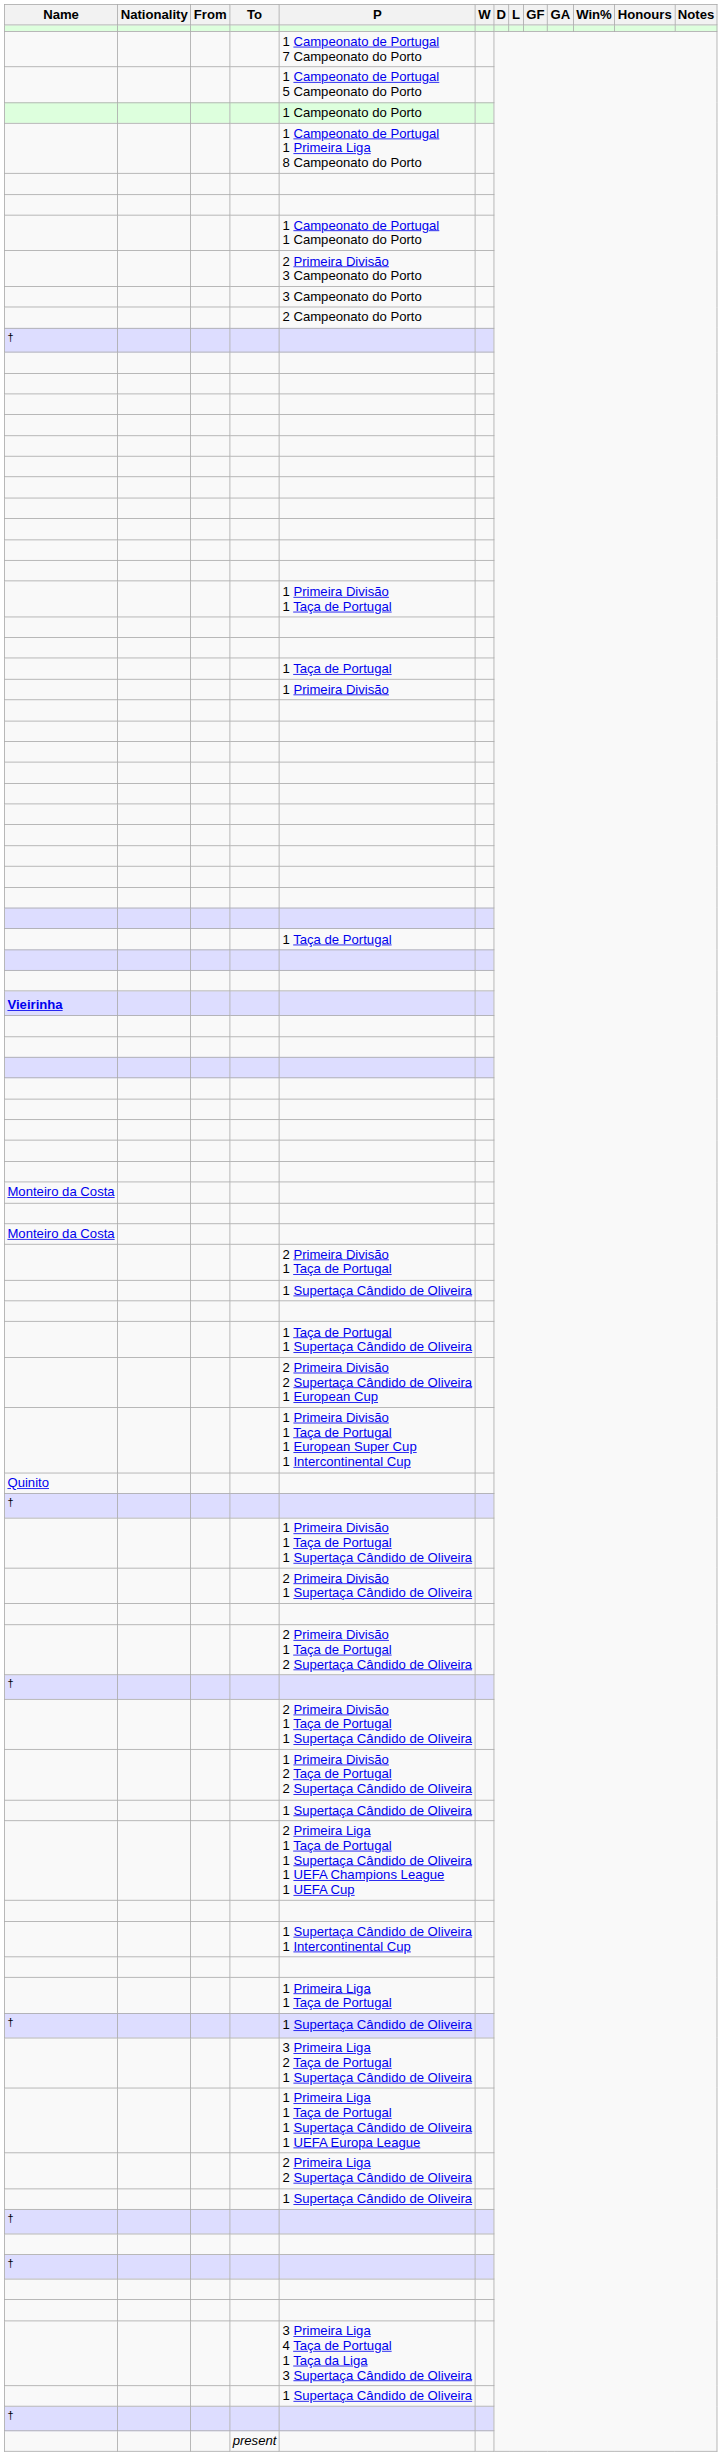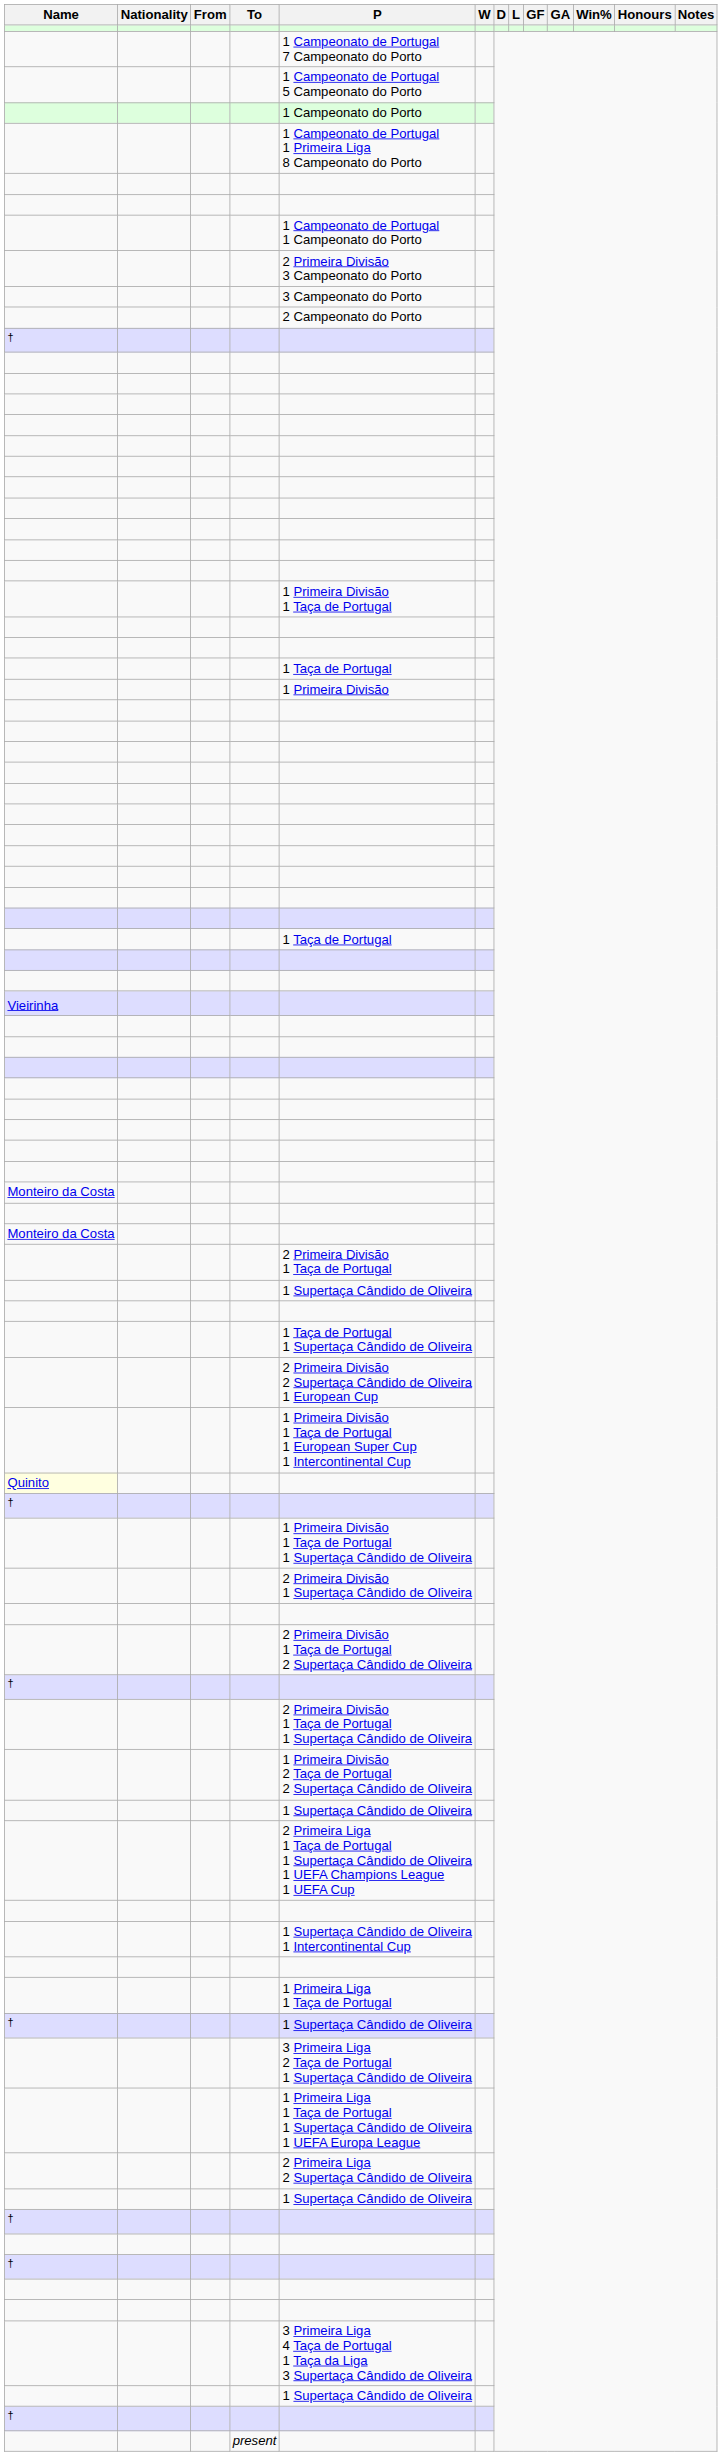 <table class="wikitable sortable plainrowheaders">
 <tr>
 <th scope="col">Name</th>
 <th scope="col">Nationality</th>
 <th scope="col">From</th>
 <th scope="col">To</th>
 <th scope="col">P</th>
 <th scope="col">W</th>
 <th scope="col">D</th>
 <th scope="col">L</th>
 <th scope="col">GF</th>
 <th scope="col">GA</th>
 <th scope="col">Win%</th>
 <th scope="col">Honours</th>
 <th scope="col" class="unsortable">Notes</th>
 </tr>
 <tr bgcolor="#ddffdd">
 <td><sup></sup></td>
 <td></td>
 <td></td>
 <td></td>
 <td align="center"></td>
 <td align="center"></td>
 <td align="center"></td>
 <td align="center"></td>
 <td align="center"></td>
 <td align="center"></td>
 <td align="center"></td>
 <td></td>
 <td></td>
 </tr>
 <tr>
 <td></td>
 <td></td>
 <td></td>
 <td><br></td>
 <td><span></span>1 <a href='#'>Campeonato de Portugal</a><br>7 Campeonato do Porto</td>
 <td></td>
 </tr>
 <tr>
 <td></td>
 <td></td>
 <td></td>
 <td><br></td>
 <td><span></span>1 <a href='#'>Campeonato de Portugal</a><br>5 Campeonato do Porto</td>
 <td></td>
 </tr>
 <tr bgcolor="#ddffdd">
 <td><sup></sup></td>
 <td></td>
 <td></td>
 <td><br></td>
 <td><span></span>1 Campeonato do Porto</td>
 <td></td>
 </tr>
 <tr>
 <td></td>
 <td></td>
 <td></td>
 <td><br></td>
 <td><span></span>1 <a href='#'>Campeonato de Portugal</a><br>1 <a href='#'>Primeira Liga</a><br>8 Campeonato do Porto</td>
 <td></td>
 </tr>
 <tr>
 <td></td>
 <td></td>
 <td></td>
 <td><br></td>
 <td></td>
 <td></td>
 </tr>
 <tr>
 <td></td>
 <td></td>
 <td></td>
 <td><br></td>
 <td></td>
 <td></td>
 </tr>
 <tr>
 <td></td>
 <td></td>
 <td></td>
 <td><br></td>
 <td><span></span>1 <a href='#'>Campeonato de Portugal</a><br>1 Campeonato do Porto</td>
 <td></td>
 </tr>
 <tr>
 <td></td>
 <td></td>
 <td></td>
 <td><br></td>
 <td><span></span>2 <a href='#'>Primeira Divisão</a><br>3 Campeonato do Porto</td>
 <td></td>
 </tr>
 <tr>
 <td></td>
 <td></td>
 <td></td>
 <td><br></td>
 <td><span></span>3 Campeonato do Porto</td>
 <td></td>
 </tr>
 <tr>
 <td></td>
 <td></td>
 <td></td>
 <td><br></td>
 <td><span></span>2 Campeonato do Porto</td>
 <td></td>
 </tr>
 <tr bgcolor="#ddddff">
 <td><sup>†</sup></td>
 <td></td>
 <td></td>
 <td><br></td>
 <td></td>
 <td></td>
 </tr>
 <tr>
 <td></td>
 <td></td>
 <td></td>
 <td><br></td>
 <td></td>
 <td></td>
 </tr>
 <tr>
 <td></td>
 <td></td>
 <td></td>
 <td><br></td>
 <td></td>
 <td></td>
 </tr>
 <tr>
 <td></td>
 <td></td>
 <td></td>
 <td><br></td>
 <td></td>
 <td></td>
 </tr>
 <tr>
 <td></td>
 <td></td>
 <td></td>
 <td><br></td>
 <td></td>
 <td></td>
 </tr>
 <tr>
 <td></td>
 <td></td>
 <td></td>
 <td><br></td>
 <td></td>
 <td></td>
 </tr>
 <tr>
 <td></td>
 <td></td>
 <td></td>
 <td><br></td>
 <td></td>
 <td></td>
 </tr>
 <tr>
 <td></td>
 <td></td>
 <td></td>
 <td><br></td>
 <td></td>
 <td></td>
 </tr>
 <tr>
 <td></td>
 <td></td>
 <td></td>
 <td><br></td>
 <td></td>
 <td></td>
 </tr>
 <tr>
 <td></td>
 <td></td>
 <td></td>
 <td><br></td>
 <td></td>
 <td></td>
 </tr>
 <tr>
 <td></td>
 <td></td>
 <td></td>
 <td><br></td>
 <td></td>
 <td></td>
 </tr>
 <tr>
 <td></td>
 <td></td>
 <td></td>
 <td><br></td>
 <td></td>
 <td></td>
 </tr>
 <tr>
 <td></td>
 <td></td>
 <td></td>
 <td><br></td>
 <td><span></span>1 <a href='#'>Primeira Divisão</a><br>1 <a href='#'>Taça de Portugal</a></td>
 <td></td>
 </tr>
 <tr>
 <td></td>
 <td></td>
 <td></td>
 <td><br></td>
 <td></td>
 <td></td>
 </tr>
 <tr>
 <td></td>
 <td></td>
 <td></td>
 <td><br></td>
 <td></td>
 <td></td>
 </tr>
 <tr>
 <td></td>
 <td></td>
 <td></td>
 <td><br></td>
 <td><span></span>1 <a href='#'>Taça de Portugal</a></td>
 <td></td>
 </tr>
 <tr>
 <td></td>
 <td></td>
 <td></td>
 <td><br></td>
 <td><span></span>1 <a href='#'>Primeira Divisão</a></td>
 <td></td>
 </tr>
 <tr>
 <td></td>
 <td></td>
 <td></td>
 <td><br></td>
 <td></td>
 <td></td>
 </tr>
 <tr>
 <td></td>
 <td></td>
 <td></td>
 <td><br></td>
 <td></td>
 <td></td>
 </tr>
 <tr>
 <td></td>
 <td></td>
 <td></td>
 <td><br></td>
 <td></td>
 <td></td>
 </tr>
 <tr>
 <td></td>
 <td></td>
 <td></td>
 <td><br></td>
 <td></td>
 <td></td>
 </tr>
 <tr>
 <td></td>
 <td></td>
 <td></td>
 <td><br></td>
 <td></td>
 <td></td>
 </tr>
 <tr>
 <td></td>
 <td></td>
 <td></td>
 <td><br></td>
 <td></td>
 <td></td>
 </tr>
 <tr>
 <td></td>
 <td></td>
 <td></td>
 <td><br></td>
 <td></td>
 <td></td>
 </tr>
 <tr>
 <td></td>
 <td></td>
 <td></td>
 <td><br></td>
 <td></td>
 <td></td>
 </tr>
 <tr>
 <td></td>
 <td></td>
 <td></td>
 <td><br></td>
 <td></td>
 <td></td>
 </tr>
 <tr>
 <td></td>
 <td></td>
 <td></td>
 <td><br></td>
 <td></td>
 <td></td>
 </tr>
 <tr bgcolor="#ddddff">
 <td><sup></sup></td>
 <td></td>
 <td></td>
 <td><br></td>
 <td></td>
 <td></td>
 </tr>
 <tr>
 <td></td>
 <td></td>
 <td></td>
 <td><br></td>
 <td><span></span>1 <a href='#'>Taça de Portugal</a></td>
 <td></td>
 </tr>
 <tr bgcolor="#ddddff">
 <td><sup></sup></td>
 <td></td>
 <td></td>
 <td><br></td>
 <td></td>
 <td></td>
 </tr>
 <tr>
 <td></td>
 <td></td>
 <td></td>
 <td><br></td>
 <td></td>
 <td></td>
 </tr>
 <tr bgcolor="#ddddff">
-<td><strong><a href='#'>Vieirinha</a><sup></sup></strong></td>
+<td><a href='#'>Vieirinha</a><sup></sup></td>
 <td></td>
 <td></td>
 <td><br></td>
 <td></td>
 <td></td>
 </tr>
 <tr>
 <td></td>
 <td></td>
 <td></td>
 <td><br></td>
 <td></td>
 <td></td>
 </tr>
 <tr>
 <td></td>
 <td></td>
 <td></td>
 <td><br></td>
 <td></td>
 <td></td>
 </tr>
 <tr bgcolor="#ddddff">
 <td><sup></sup></td>
 <td></td>
 <td></td>
 <td><br></td>
 <td></td>
 <td></td>
 </tr>
 <tr>
 <td></td>
 <td></td>
 <td></td>
 <td><br></td>
 <td></td>
 <td></td>
 </tr>
 <tr>
 <td></td>
 <td></td>
 <td></td>
 <td><br></td>
 <td></td>
 <td></td>
 </tr>
 <tr>
 <td></td>
 <td></td>
 <td></td>
 <td><br></td>
 <td></td>
 <td></td>
 </tr>
 <tr>
 <td></td>
 <td></td>
 <td></td>
 <td><br></td>
 <td></td>
 <td></td>
 </tr>
 <tr>
 <td></td>
 <td></td>
 <td></td>
 <td><br></td>
 <td></td>
 <td></td>
 </tr>
 <tr>
 <td><a href='#'>Monteiro da Costa</a></td>
 <td></td>
 <td></td>
 <td><br></td>
 <td></td>
 <td></td>
 </tr>
 <tr>
 <td></td>
 <td></td>
 <td></td>
 <td><br></td>
 <td></td>
 <td></td>
 </tr>
 <tr>
 <td><a href='#'>Monteiro da Costa</a></td>
 <td></td>
 <td></td>
 <td><br></td>
 <td></td>
 <td></td>
 </tr>
 <tr>
 <td></td>
 <td></td>
 <td></td>
 <td><br></td>
 <td><span></span>2 <a href='#'>Primeira Divisão</a><br>1 <a href='#'>Taça de Portugal</a></td>
 <td></td>
 </tr>
 <tr>
 <td></td>
 <td></td>
 <td></td>
 <td><br></td>
 <td><span></span>1 <a href='#'>Supertaça Cândido de Oliveira</a></td>
 <td></td>
 </tr>
 <tr>
 <td></td>
 <td></td>
 <td></td>
 <td><br></td>
 <td></td>
 <td></td>
 </tr>
 <tr>
 <td></td>
 <td></td>
 <td></td>
 <td><br></td>
 <td><span></span>1 <a href='#'>Taça de Portugal</a><br>1 <a href='#'>Supertaça Cândido de Oliveira</a></td>
 <td></td>
 </tr>
 <tr>
 <td></td>
 <td></td>
 <td></td>
 <td><br></td>
 <td><span></span>2 <a href='#'>Primeira Divisão</a><br>2 <a href='#'>Supertaça Cândido de Oliveira</a><br>1 <a href='#'>European Cup</a></td>
 <td></td>
 </tr>
 <tr>
 <td></td>
 <td></td>
 <td></td>
 <td><br></td>
 <td><span></span>1 <a href='#'>Primeira Divisão</a><br>1 <a href='#'>Taça de Portugal</a><br>1 <a href='#'>European Super Cup</a><br>1 <a href='#'>Intercontinental Cup</a></td>
 <td></td>
 </tr>
 <tr>
-<td><a href='#'>Quinito</a></td>
+<td style="background: lightyellow;"><a href='#'>Quinito</a></td>
 <td></td>
 <td></td>
 <td><br></td>
 <td></td>
 <td></td>
 </tr>
 <tr bgcolor="#ddddff">
 <td><sup>†</sup></td>
 <td></td>
 <td></td>
 <td><br></td>
 <td></td>
 <td></td>
 </tr>
 <tr>
 <td></td>
 <td></td>
 <td></td>
 <td><br></td>
 <td><span></span>1 <a href='#'>Primeira Divisão</a><br>1 <a href='#'>Taça de Portugal</a><br>1 <a href='#'>Supertaça Cândido de Oliveira</a></td>
 <td></td>
 </tr>
 <tr>
 <td></td>
 <td></td>
 <td></td>
 <td><br></td>
 <td><span></span>2 <a href='#'>Primeira Divisão</a><br>1 <a href='#'>Supertaça Cândido de Oliveira</a></td>
 <td></td>
 </tr>
 <tr>
 <td></td>
 <td></td>
 <td></td>
 <td><br></td>
 <td></td>
 <td></td>
 </tr>
 <tr>
 <td></td>
 <td></td>
 <td></td>
 <td><br></td>
 <td><span></span>2 <a href='#'>Primeira Divisão</a><br>1 <a href='#'>Taça de Portugal</a><br>2 <a href='#'>Supertaça Cândido de Oliveira</a></td>
 <td></td>
 </tr>
 <tr bgcolor="#ddddff">
 <td><sup>†</sup></td>
 <td></td>
 <td></td>
 <td><br></td>
 <td></td>
 <td></td>
 </tr>
 <tr>
 <td></td>
 <td></td>
 <td></td>
 <td><br></td>
 <td><span></span>2 <a href='#'>Primeira Divisão</a><br>1 <a href='#'>Taça de Portugal</a><br>1 <a href='#'>Supertaça Cândido de Oliveira</a></td>
 <td></td>
 </tr>
 <tr>
 <td></td>
 <td></td>
 <td></td>
 <td><br></td>
 <td><span></span>1 <a href='#'>Primeira Divisão</a><br>2 <a href='#'>Taça de Portugal</a><br>2 <a href='#'>Supertaça Cândido de Oliveira</a></td>
 <td></td>
 </tr>
 <tr>
 <td></td>
 <td></td>
 <td></td>
 <td><br></td>
 <td>1 <a href='#'>Supertaça Cândido de Oliveira</a></td>
 <td></td>
 </tr>
 <tr>
 <td></td>
 <td></td>
 <td></td>
 <td><br></td>
 <td><span></span>2 <a href='#'>Primeira Liga</a><br>1 <a href='#'>Taça de Portugal</a><br>1 <a href='#'>Supertaça Cândido de Oliveira</a><br>1 <a href='#'>UEFA Champions League</a><br>1 <a href='#'>UEFA Cup</a></td>
 <td></td>
 </tr>
 <tr>
 <td></td>
 <td></td>
 <td></td>
 <td><br></td>
 <td></td>
 <td></td>
 </tr>
 <tr>
 <td></td>
 <td></td>
 <td></td>
 <td><br></td>
 <td><span></span>1 <a href='#'>Supertaça Cândido de Oliveira</a><br>1 <a href='#'>Intercontinental Cup</a></td>
 <td></td>
 </tr>
 <tr>
 <td></td>
 <td></td>
 <td></td>
 <td><br></td>
 <td></td>
 <td></td>
 </tr>
 <tr>
 <td></td>
 <td></td>
 <td></td>
 <td><br></td>
 <td><span></span>1 <a href='#'>Primeira Liga</a><br>1 <a href='#'>Taça de Portugal</a></td>
 <td></td>
 </tr>
 <tr bgcolor="#ddddff">
 <td><sup>†</sup></td>
 <td></td>
 <td></td>
 <td><br></td>
 <td><span></span>1 <a href='#'>Supertaça Cândido de Oliveira</a></td>
 <td></td>
 </tr>
 <tr>
 <td></td>
 <td></td>
 <td></td>
 <td><br></td>
 <td><span></span>3 <a href='#'>Primeira Liga</a><br>2 <a href='#'>Taça de Portugal</a><br>1 <a href='#'>Supertaça Cândido de Oliveira</a></td>
 <td></td>
 </tr>
 <tr>
 <td></td>
 <td></td>
 <td></td>
 <td><br></td>
 <td><span></span>1 <a href='#'>Primeira Liga</a><br>1 <a href='#'>Taça de Portugal</a><br>1 <a href='#'>Supertaça Cândido de Oliveira</a><br>1 <a href='#'>UEFA Europa League</a></td>
 <td></td>
 </tr>
 <tr>
 <td></td>
 <td></td>
 <td></td>
 <td><br></td>
 <td><span></span>2 <a href='#'>Primeira Liga</a><br>2 <a href='#'>Supertaça Cândido de Oliveira</a></td>
 <td></td>
 </tr>
 <tr>
 <td></td>
 <td></td>
 <td></td>
 <td><br></td>
 <td><span></span>1 <a href='#'>Supertaça Cândido de Oliveira</a></td>
 <td></td>
 </tr>
 <tr bgcolor="#ddddff">
 <td><sup>†</sup></td>
 <td></td>
 <td></td>
 <td><br></td>
 <td></td>
 <td></td>
 </tr>
 <tr>
 <td></td>
 <td></td>
 <td></td>
 <td><br></td>
 <td></td>
 <td></td>
 </tr>
 <tr bgcolor="#ddddff">
 <td><sup>†</sup></td>
 <td></td>
 <td></td>
 <td><br></td>
 <td></td>
 <td></td>
 </tr>
 <tr>
 <td></td>
 <td></td>
 <td></td>
 <td><br></td>
 <td></td>
 <td></td>
 </tr>
 <tr>
 <td></td>
 <td></td>
 <td></td>
 <td><br></td>
 <td></td>
 <td></td>
 </tr>
 <tr>
 <td></td>
 <td></td>
 <td></td>
 <td><br></td>
 <td><span></span>3 <a href='#'>Primeira Liga</a><br>4 <a href='#'>Taça de Portugal</a><br>1 <a href='#'>Taça da Liga</a><br>3 <a href='#'>Supertaça Cândido de Oliveira</a></td>
 <td></td>
 </tr>
 <tr>
 <td></td>
 <td></td>
 <td></td>
 <td><br></td>
 <td><span></span>1 <a href='#'>Supertaça Cândido de Oliveira</a></td>
 <td></td>
 </tr>
 <tr bgcolor="#ddddff">
 <td><sup>†</sup></td>
 <td></td>
 <td></td>
 <td><br></td>
 <td></td>
 <td></td>
 </tr>
 <tr>
 <td></td>
 <td></td>
 <td></td>
 <td><em>present</em><br></td>
 <td></td>
 <td></td>
 </tr>
 </table>
